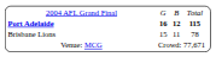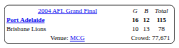 <table style="margin-right:4px; margin-left:4px; margin-top:8px; float:right; border:1px #000 solid; border-radius:8px; background:#fff; font-family:Verdana; font-size:8pt; text-align:center;">
 <tr>
 <td width="200"><a href='#'>2004 AFL Grand Final</a></td>
 <td><em>G</em></td>
 <td><em>B</em></td>
 <td><em>Total</em></td>
 </tr>
 <tr>
 <td style="text-align:left"><strong><a href='#'>Port Adelaide</a></strong></td>
 <td><strong>16</strong></td>
 <td><strong>12</strong></td>
 <td><strong>115</strong></td>
 </tr>
 <tr>
 <td style="text-align:left">Brisbane Lions</td>
-<td>15</td>
-<td>11</td>
+<td>10</td>
+<td>13</td>
 <td>78</td>
 </tr>
 <tr>
 <td>Venue: <a href='#'>MCG</a></td>
 <td colspan="3">Crowd: 77,671</td>
 <td colspan="3"></td>
 </tr>
 </table>
